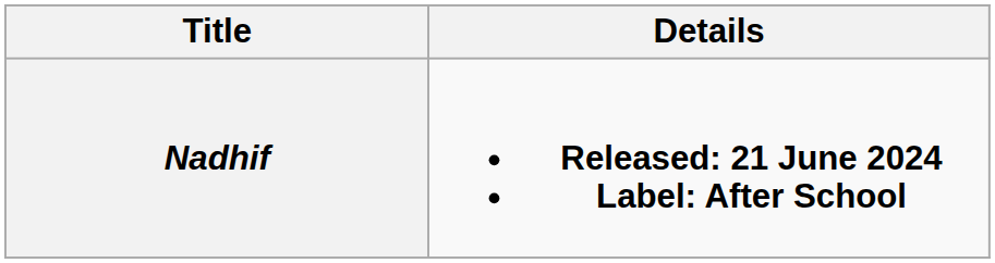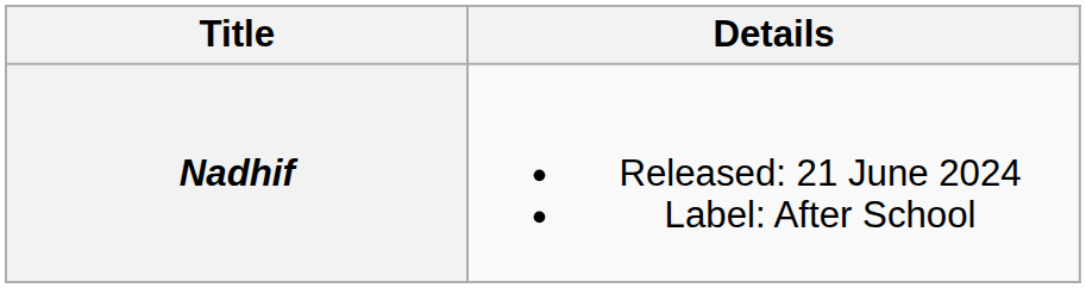 <table class="wikitable plainrowheaders" style="text-align:center;">
 <tr>
 <th scope="col" style="width:12em;">Title</th>
 <th scope="col" style="width:16em;">Details</th>
 </tr>
 <tr>
 <th scope="row"><em>Nadhif</em></th>
-<td><strong><br><ul><li>Released: 21 June 2024</li><li>Label: After School</li></ul></strong></td>
+<td><br><ul><li>Released: 21 June 2024</li><li>Label: After School</li></ul></td>
 </tr>
 </table>
